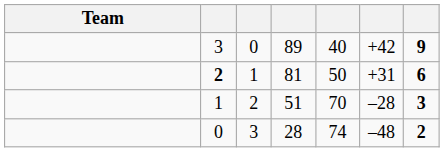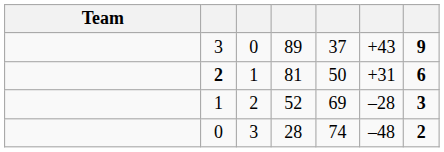 <table class="wikitable" style="text-align:center;">
 <tr>
 <th style="width:10.5em;">Team</th>
 <th style="width:1.5em;"></th>
 <th style="width:1.5em;"></th>
 <th style="width:2.0em;"></th>
 <th style="width:2.0em;"></th>
 <th style="width:2.0em;"></th>
 <th style="width:1.5em;"></th>
 </tr>
 <tr>
 <td align="left"></td>
 <td>3</td>
 <td>0</td>
 <td>89</td>
-<td>40</td>
-<td>+42</td>
+<td>37</td>
+<td>+43</td>
 <td><strong>9</strong></td>
 </tr>
 <tr>
 <td align="left"></td>
 <td><strong>2</strong></td>
 <td>1</td>
 <td>81</td>
 <td>50</td>
 <td>+31</td>
 <td><strong>6</strong></td>
 </tr>
 <tr>
 <td align="left"></td>
 <td>1</td>
 <td>2</td>
-<td>51</td>
-<td>70</td>
+<td>52</td>
+<td>69</td>
 <td>–28</td>
 <td><strong>3</strong></td>
 </tr>
 <tr>
 <td align="left"></td>
 <td>0</td>
 <td>3</td>
 <td>28</td>
 <td>74</td>
 <td>–48</td>
 <td><strong>2</strong></td>
 </tr>
 </table>
